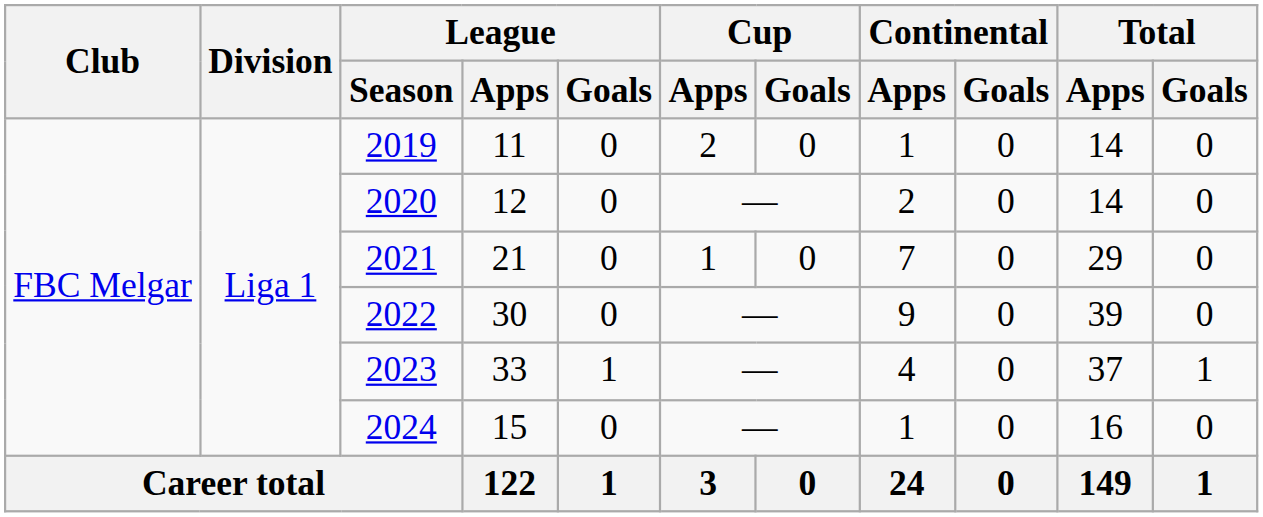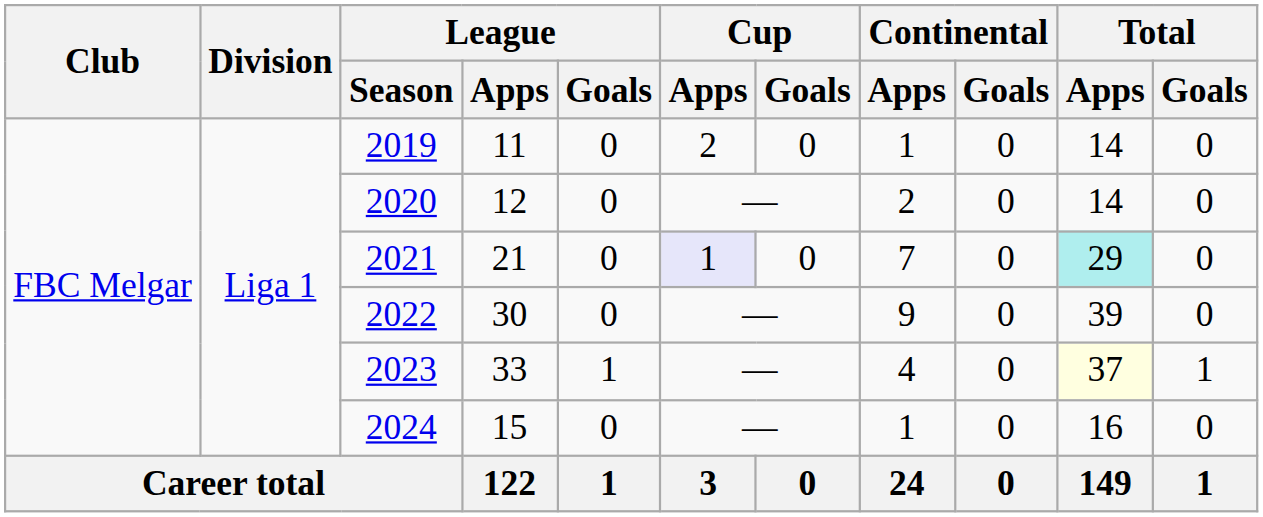 <table class="wikitable" style="text-align: center">
 <tr>
 <th rowspan="2">Club</th>
 <th rowspan="2">Division</th>
 <th colspan="3">League</th>
 <th colspan="2">Cup</th>
 <th colspan="2">Continental</th>
 <th colspan="2">Total</th>
 </tr>
 <tr>
 <th>Season</th>
 <th>Apps</th>
 <th>Goals</th>
 <th>Apps</th>
 <th>Goals</th>
 <th>Apps</th>
 <th>Goals</th>
 <th>Apps</th>
 <th>Goals</th>
 </tr>
 <tr>
 <td rowspan="6"><a href='#'>FBC Melgar</a></td>
 <td rowspan="6"><a href='#'>Liga 1</a></td>
 <td><a href='#'>2019</a></td>
 <td>11</td>
 <td>0</td>
 <td>2</td>
 <td>0</td>
 <td>1</td>
 <td>0</td>
 <td>14</td>
 <td>0</td>
 </tr>
 <tr>
 <td><a href='#'>2020</a></td>
 <td>12</td>
 <td>0</td>
 <td colspan="2">—</td>
 <td>2</td>
 <td>0</td>
 <td>14</td>
 <td>0</td>
 </tr>
 <tr>
 <td><a href='#'>2021</a></td>
 <td>21</td>
 <td>0</td>
-<td>1</td>
+<td style="background: lavender;">1</td>
 <td>0</td>
 <td>7</td>
 <td>0</td>
-<td>29</td>
+<td style="background: paleturquoise;">29</td>
 <td>0</td>
 </tr>
 <tr>
 <td><a href='#'>2022</a></td>
 <td>30</td>
 <td>0</td>
 <td colspan="2">—</td>
 <td>9</td>
 <td>0</td>
 <td>39</td>
 <td>0</td>
 </tr>
 <tr>
 <td><a href='#'>2023</a></td>
 <td>33</td>
 <td>1</td>
 <td colspan="2">—</td>
 <td>4</td>
 <td>0</td>
-<td>37</td>
+<td style="background: lightyellow;">37</td>
 <td>1</td>
 </tr>
 <tr>
 <td><a href='#'>2024</a></td>
 <td>15</td>
 <td>0</td>
 <td colspan="2">—</td>
 <td>1</td>
 <td>0</td>
 <td>16</td>
 <td>0</td>
 </tr>
 <tr>
 <th colspan="3">Career total</th>
 <th>122</th>
 <th>1</th>
 <th>3</th>
 <th>0</th>
 <th>24</th>
 <th>0</th>
 <th>149</th>
 <th>1</th>
 </tr>
 </table>
